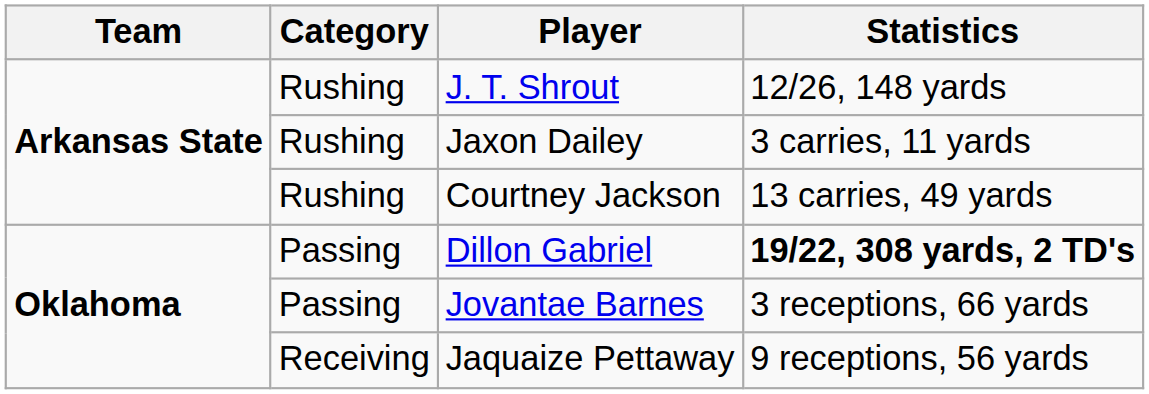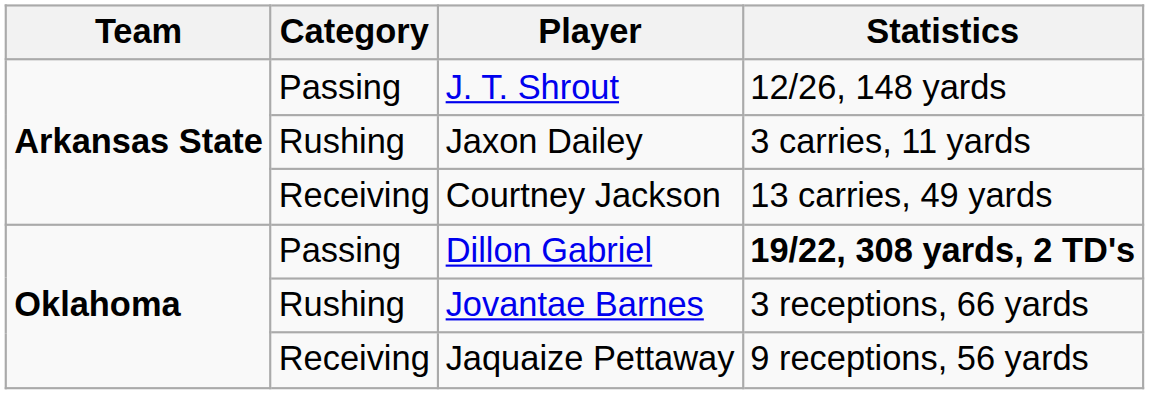 <table class="wikitable" style="float: right;">
 <tr>
 <th>Team</th>
 <th>Category</th>
 <th>Player</th>
 <th>Statistics</th>
 </tr>
 <tr>
 <td rowspan=3><strong>Arkansas State</strong></td>
-<td>Rushing</td>
+<td>Passing</td>
 <td><a href='#'>J. T. Shrout</a></td>
 <td>12/26, 148 yards</td>
 </tr>
 <tr>
 <td>Rushing</td>
 <td>Jaxon Dailey</td>
 <td>3 carries, 11 yards</td>
 </tr>
 <tr>
-<td>Rushing</td>
+<td>Receiving</td>
 <td>Courtney Jackson</td>
 <td>13 carries, 49 yards</td>
 </tr>
 <tr>
 <td rowspan=3><strong>Oklahoma</strong></td>
 <td>Passing</td>
 <td><a href='#'>Dillon Gabriel</a></td>
 <td><strong>19/22, 308 yards, 2 TD's</strong></td>
 </tr>
 <tr>
-<td>Passing</td>
+<td>Rushing</td>
 <td><a href='#'>Jovantae Barnes</a></td>
 <td>3 receptions, 66 yards</td>
 </tr>
 <tr>
 <td>Receiving</td>
 <td>Jaquaize Pettaway</td>
 <td>9 receptions, 56 yards</td>
 </tr>
 </table>
